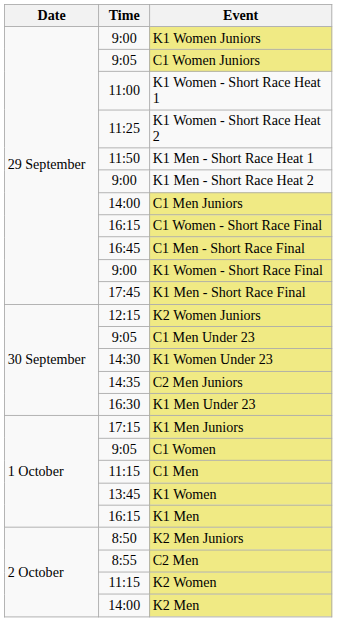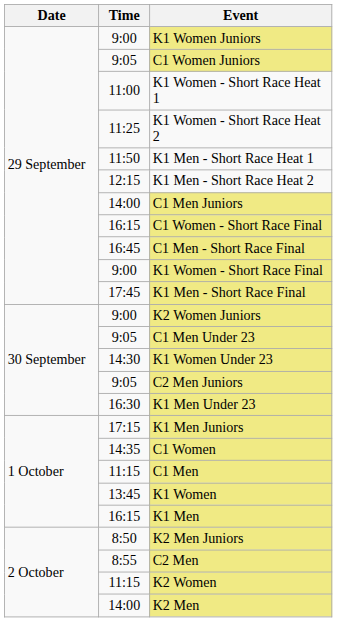 <table class=wikitable>
 <tr>
 <th width=100px>Date</th>
 <th width=50px>Time</th>
 <th width=200px>Event</th>
 </tr>
 <tr>
 <td rowspan=11>29 September</td>
 <td align=center>9:00</td>
 <td bgcolor=F0EA84>K1 Women Juniors</td>
 </tr>
 <tr>
 <td align=center>9:05</td>
 <td bgcolor=F0EA84>C1 Women Juniors</td>
 </tr>
 <tr>
 <td align=center>11:00</td>
 <td>K1 Women - Short Race Heat 1</td>
 </tr>
 <tr>
 <td align=center>11:25</td>
 <td>K1 Women - Short Race Heat 2</td>
 </tr>
 <tr>
 <td align=center>11:50</td>
 <td>K1 Men - Short Race Heat 1</td>
 </tr>
 <tr>
-<td align=center>9:00</td>
+<td align=center>12:15</td>
 <td>K1 Men - Short Race Heat 2</td>
 </tr>
 <tr>
 <td align=center>14:00</td>
 <td bgcolor=F0EA84>C1 Men Juniors</td>
 </tr>
 <tr>
 <td align=center>16:15</td>
 <td bgcolor=F0EA84>C1 Women - Short Race Final</td>
 </tr>
 <tr>
 <td align=center>16:45</td>
 <td bgcolor=F0EA84>C1 Men - Short Race Final</td>
 </tr>
 <tr>
 <td align=center>9:00</td>
 <td bgcolor=F0EA84>K1 Women - Short Race Final</td>
 </tr>
 <tr>
 <td align=center>17:45</td>
 <td bgcolor=F0EA84>K1 Men - Short Race Final</td>
 </tr>
 <tr>
 <td rowspan=5>30 September</td>
-<td align=center>12:15</td>
+<td align=center>9:00</td>
 <td bgcolor=F0EA84>K2 Women Juniors</td>
 </tr>
 <tr>
 <td align=center>9:05</td>
 <td bgcolor=F0EA84>C1 Men Under 23</td>
 </tr>
 <tr>
 <td align=center>14:30</td>
 <td bgcolor=F0EA84>K1 Women Under 23</td>
 </tr>
 <tr>
-<td align=center>14:35</td>
+<td align=center>9:05</td>
 <td bgcolor=F0EA84>C2 Men Juniors</td>
 </tr>
 <tr>
 <td align=center>16:30</td>
 <td bgcolor=F0EA84>K1 Men Under 23</td>
 </tr>
 <tr>
 <td rowspan=5>1 October</td>
 <td align=center>17:15</td>
 <td bgcolor=F0EA84>K1 Men Juniors</td>
 </tr>
 <tr>
-<td align=center>9:05</td>
+<td align=center>14:35</td>
 <td bgcolor=F0EA84>C1 Women</td>
 </tr>
 <tr>
 <td align=center>11:15</td>
 <td bgcolor=F0EA84>C1 Men</td>
 </tr>
 <tr>
 <td align=center>13:45</td>
 <td bgcolor=F0EA84>K1 Women</td>
 </tr>
 <tr>
 <td align=center>16:15</td>
 <td bgcolor=F0EA84>K1 Men</td>
 </tr>
 <tr>
 <td rowspan=4>2 October</td>
 <td align=center>8:50</td>
 <td bgcolor=F0EA84>K2 Men Juniors</td>
 </tr>
 <tr>
 <td align=center>8:55</td>
 <td bgcolor=F0EA84>C2 Men</td>
 </tr>
 <tr>
 <td align=center>11:15</td>
 <td bgcolor=F0EA84>K2 Women</td>
 </tr>
 <tr>
 <td align=center>14:00</td>
 <td bgcolor=F0EA84>K2 Men</td>
 </tr>
 </table>
